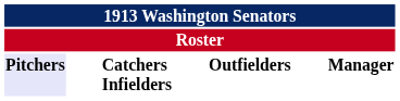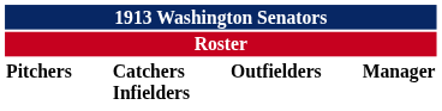 <table class="toccolours" style="font-size: 95%;">
 <tr>
 <th colspan="10" style="background-color: #072764; color: white; text-align: center;">1913 Washington Senators</th>
 </tr>
 <tr>
 <td colspan="10" style="background-color: #c6011f; color: white; text-align: center;"><strong>Roster</strong></td>
 </tr>
 <tr>
-<td valign="top" style="background: lavender;"><strong>Pitchers</strong><br>                   </td>
+<td valign="top"><strong>Pitchers</strong><br>                   </td>
 <td width="25px"></td>
 <td valign="top"><strong>Catchers</strong><br>    <strong>Infielders</strong>       </td>
 <td width="25px"></td>
 <td valign="top"><strong>Outfielders</strong><br>      </td>
 <td width="25px"></td>
 <td valign="top"><strong>Manager</strong><br></td>
 </tr>
 </table>
